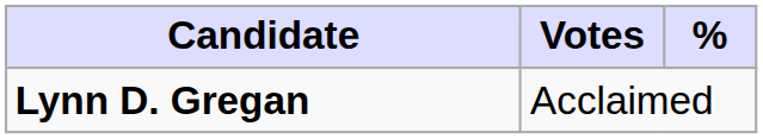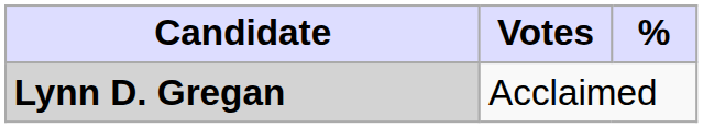 <table class="wikitable">
 <tr>
 <th style="background:#ddf; width:200px;">Candidate</th>
 <th style="background:#ddf; width:50px;">Votes</th>
 <th style="background:#ddf; width:30px;">%</th>
 </tr>
 <tr>
-<td><strong>Lynn D. Gregan</strong></td>
+<td style="background: lightgrey;"><strong>Lynn D. Gregan</strong></td>
 <td colspan="2">Acclaimed</td>
 </tr>
 </table>
